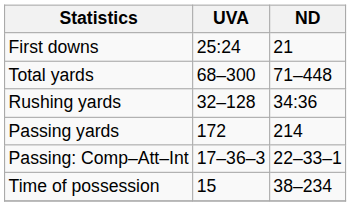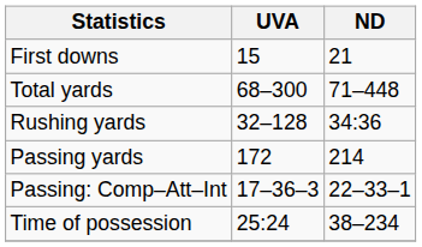 <table class="wikitable" style="float: left;">
 <tr>
 <th>Statistics</th>
 <th>UVA</th>
 <th>ND</th>
 </tr>
 <tr>
 <td>First downs</td>
-<td>25:24</td>
+<td>15</td>
 <td>21</td>
 </tr>
 <tr>
 <td>Total yards</td>
 <td>68–300</td>
 <td>71–448</td>
 </tr>
 <tr>
 <td>Rushing yards</td>
 <td>32–128</td>
 <td>34:36</td>
 </tr>
 <tr>
 <td>Passing yards</td>
 <td>172</td>
 <td>214</td>
 </tr>
 <tr>
 <td>Passing: Comp–Att–Int</td>
 <td>17–36–3</td>
 <td>22–33–1</td>
 </tr>
 <tr>
 <td>Time of possession</td>
-<td>15</td>
+<td>25:24</td>
 <td>38–234</td>
 </tr>
 <tr>
 </tr>
 </table>
